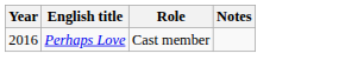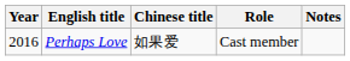 <table class="wikitable">
 <tr>
 <th width=10>Year</th>
 <th>English title</th>
+<th>Chinese title</th>
 <th>Role</th>
 <th>Notes</th>
 </tr>
 <tr>
 <td>2016</td>
 <td><em><a href='#'>Perhaps Love</a></em></td>
+<td>如果爱</td>
 <td>Cast member</td>
 <td></td>
 </tr>
 </table>
